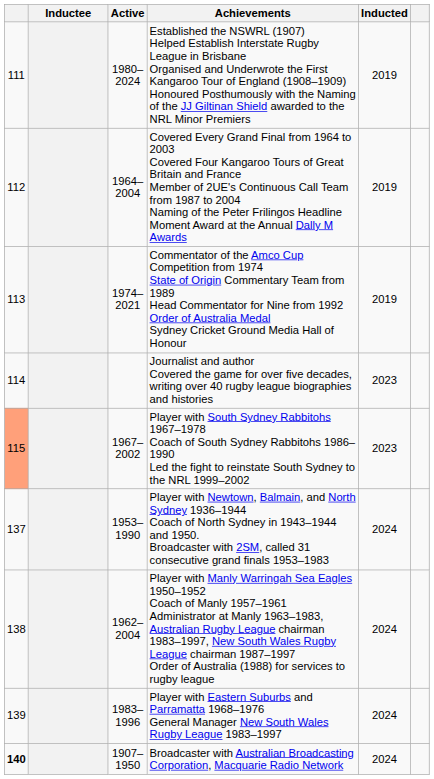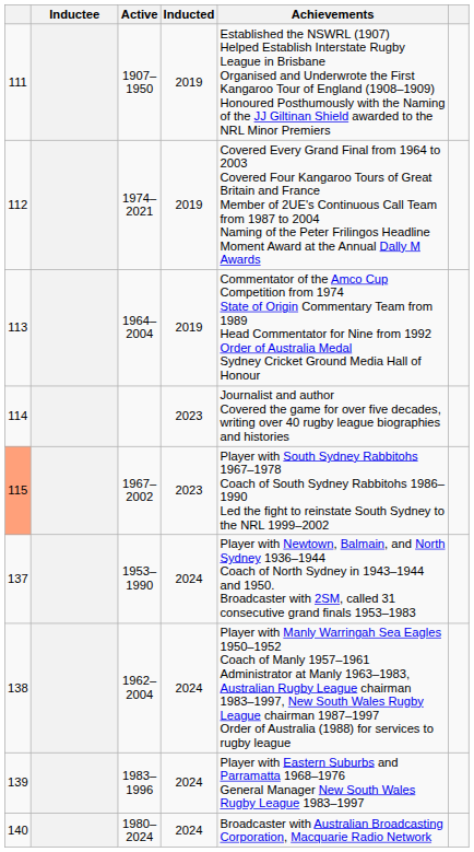 <table class="wikitable sortable" style="text-align:center">
 <tr>
 <th width="5%"></th>
 <th width="20%">Inductee</th>
 <th width="5%">Active</th>
+<th width="10%">Inducted</th>
 <th class="unsortable" style="width:55%;">Achievements</th>
-<th width="10%">Inducted</th>
 <th width="5%"></th>
 </tr>
 <tr>
 <td>111</td>
 <th></th>
-<td>1980–2024</td>
+<td>1907–1950</td>
+<td>2019</td>
 <td align="left">Established the NSWRL (1907)<br>Helped Establish Interstate Rugby League in Brisbane<br>Organised and Underwrote the First Kangaroo Tour of England (1908–1909)<br>Honoured Posthumously with the Naming of the <a href='#'>JJ Giltinan Shield</a> awarded to the NRL Minor Premiers</td>
-<td>2019</td>
 <td></td>
 </tr>
 <tr>
 <td>112</td>
 <th></th>
-<td>1964–2004</td>
+<td>1974–2021</td>
+<td>2019</td>
 <td align="left">Covered Every Grand Final from 1964 to 2003<br>Covered Four Kangaroo Tours of Great Britain and France<br>Member of 2UE's Continuous Call Team from 1987 to 2004<br>Naming of the Peter Frilingos Headline Moment Award at the Annual <a href='#'>Dally M Awards</a></td>
-<td>2019</td>
 <td></td>
 </tr>
 <tr>
 <td>113</td>
 <th></th>
-<td>1974–2021</td>
+<td>1964–2004</td>
+<td>2019</td>
 <td align="left">Commentator of the <a href='#'>Amco Cup</a> Competition from 1974<br><a href='#'>State of Origin</a> Commentary Team from 1989<br>Head Commentator for Nine from 1992<br><a href='#'>Order of Australia Medal</a><br>Sydney Cricket Ground Media Hall of Honour</td>
-<td>2019</td>
 <td></td>
 </tr>
 <tr>
 <td>114</td>
 <th></th>
 <td></td>
+<td>2023</td>
 <td align="left">Journalist and author<br>Covered the game for over five decades, writing over 40 rugby league biographies and histories</td>
-<td>2023</td>
 <td></td>
 </tr>
 <tr>
 <td style="background: lightsalmon;">115</td>
 <th></th>
 <td>1967–2002</td>
+<td>2023</td>
 <td align="left">Player with <a href='#'>South Sydney Rabbitohs</a> 1967–1978<br>Coach of South Sydney Rabbitohs 1986–1990<br>Led the fight to reinstate South Sydney to the NRL 1999–2002</td>
-<td>2023</td>
 <td></td>
 </tr>
 <tr>
 <td>137</td>
 <th></th>
 <td>1953–1990</td>
+<td>2024</td>
 <td align="left">Player with <a href='#'>Newtown</a>, <a href='#'>Balmain</a>, and <a href='#'>North Sydney</a> 1936–1944<br>Coach of North Sydney in 1943–1944 and 1950.<br>Broadcaster with <a href='#'>2SM</a>, called 31 consecutive grand finals 1953–1983</td>
-<td>2024</td>
 <td></td>
 </tr>
 <tr>
 <td>138</td>
 <th></th>
 <td>1962–2004</td>
+<td>2024</td>
 <td align="left">Player with <a href='#'>Manly Warringah Sea Eagles</a> 1950–1952<br>Coach of Manly 1957–1961<br>Administrator at Manly 1963–1983, <a href='#'>Australian Rugby League</a> chairman 1983–1997, <a href='#'>New South Wales Rugby League</a> chairman 1987–1997<br>Order of Australia (1988) for services to rugby league</td>
-<td>2024</td>
 <td></td>
 </tr>
 <tr>
 <td>139</td>
 <th></th>
 <td>1983–1996</td>
+<td>2024</td>
 <td align="left">Player with <a href='#'>Eastern Suburbs</a> and <a href='#'>Parramatta</a> 1968–1976<br>General Manager <a href='#'>New South Wales Rugby League</a> 1983–1997</td>
-<td>2024</td>
 <td></td>
 </tr>
 <tr>
-<td><strong>140</strong></td>
+<td>140</td>
 <th></th>
-<td>1907–1950</td>
+<td>1980–2024</td>
+<td>2024</td>
 <td align="left">Broadcaster with <a href='#'>Australian Broadcasting Corporation</a>, <a href='#'>Macquarie Radio Network</a></td>
-<td>2024</td>
 <td></td>
 </tr>
 </table>
